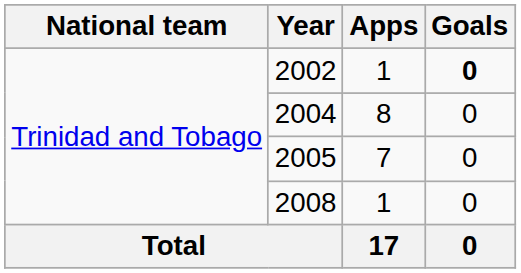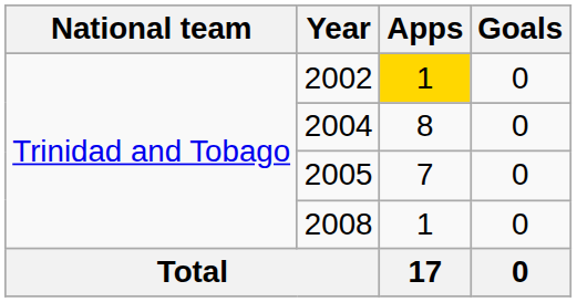 <table class="wikitable" style="text-align:center">
 <tr>
 <th>National team</th>
 <th>Year</th>
 <th>Apps</th>
 <th>Goals</th>
 </tr>
 <tr>
 <td rowspan="4"><a href='#'>Trinidad and Tobago</a></td>
 <td>2002</td>
-<td>1</td>
-<td><strong>0</strong></td>
+<td style="background: gold;">1</td>
+<td>0</td>
 </tr>
 <tr>
 <td>2004</td>
 <td>8</td>
 <td>0</td>
 </tr>
 <tr>
 <td>2005</td>
 <td>7</td>
 <td>0</td>
 </tr>
 <tr>
 <td>2008</td>
 <td>1</td>
 <td>0</td>
 </tr>
 <tr>
 <th colspan=2>Total</th>
 <th>17</th>
 <th>0</th>
 </tr>
 </table>
